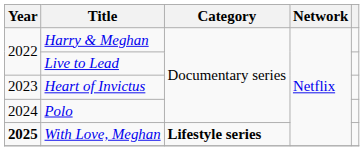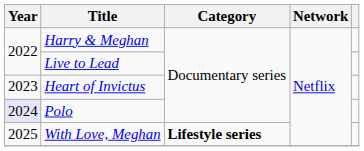 <table class="wikitable sortable plainrowheaders">
 <tr>
 <th scope="col">Year</th>
 <th scope="col">Title</th>
 <th scope="col">Category</th>
 <th scope="col">Network</th>
 <th scope="col" class="unsortable"></th>
 </tr>
 <tr>
 <td rowspan="2">2022</td>
 <td><em><a href='#'>Harry & Meghan</a></em></td>
 <td rowspan="4">Documentary series</td>
 <td rowspan="5"><a href='#'>Netflix</a></td>
 <td></td>
 </tr>
 <tr>
 <td><em><a href='#'>Live to Lead</a></em></td>
 <td></td>
 </tr>
 <tr>
 <td>2023</td>
 <td><em><a href='#'>Heart of Invictus</a></em></td>
 <td></td>
 </tr>
 <tr>
-<td>2024</td>
+<td style="background: lavender;">2024</td>
 <td><em><a href='#'>Polo</a></em></td>
 <td></td>
 </tr>
 <tr>
-<td><strong>2025</strong></td>
+<td>2025</td>
 <td><em><a href='#'>With Love, Meghan</a></em></td>
 <td><strong>Lifestyle series</strong></td>
 <td></td>
 </tr>
 <tr>
 </tr>
 </table>
